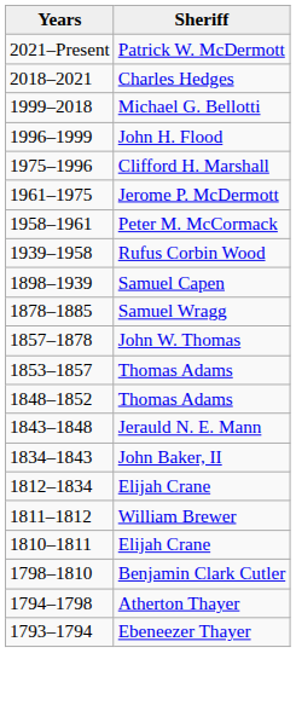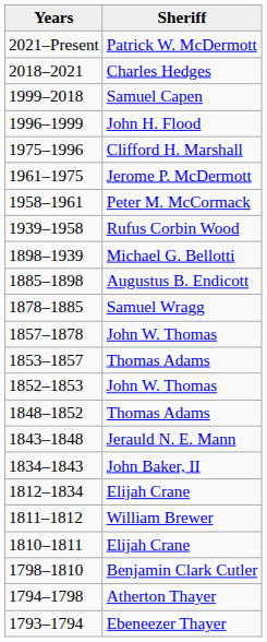 <table class="wikitable" margin-left:1em">
 <tr>
 <th style="background:#efefef;">Years</th>
 <th style="background:#efefef">Sheriff</th>
 </tr>
 <tr>
 <td>2021–Present</td>
 <td><a href='#'>Patrick W. McDermott</a></td>
 </tr>
 <tr>
 <td>2018–2021</td>
 <td><a href='#'>Charles Hedges</a></td>
 </tr>
 <tr>
 <td>1999–2018</td>
-<td><a href='#'>Michael G. Bellotti</a></td>
+<td><a href='#'>Samuel Capen</a></td>
 </tr>
 <tr>
 <td>1996–1999</td>
 <td><a href='#'>John H. Flood</a></td>
 </tr>
 <tr>
 <td>1975–1996</td>
 <td><a href='#'>Clifford H. Marshall</a></td>
 </tr>
 <tr>
 <td>1961–1975</td>
 <td><a href='#'>Jerome P. McDermott</a></td>
 </tr>
 <tr>
 <td>1958–1961</td>
 <td><a href='#'>Peter M. McCormack</a></td>
 </tr>
 <tr>
 <td>1939–1958</td>
 <td><a href='#'>Rufus Corbin Wood</a></td>
 </tr>
 <tr>
 <td>1898–1939</td>
-<td><a href='#'>Samuel Capen</a></td>
+<td><a href='#'>Michael G. Bellotti</a></td>
+</tr>
+<tr>
+<td>1885–1898</td>
+<td><a href='#'>Augustus B. Endicott</a></td>
 </tr>
 <tr>
 <td>1878–1885</td>
 <td><a href='#'>Samuel Wragg</a></td>
 </tr>
 <tr>
 <td>1857–1878</td>
 <td><a href='#'>John W. Thomas</a></td>
 </tr>
 <tr>
 <td>1853–1857</td>
 <td><a href='#'>Thomas Adams</a></td>
+</tr>
+<tr>
+<td>1852–1853</td>
+<td><a href='#'>John W. Thomas</a></td>
 </tr>
 <tr>
 <td>1848–1852</td>
 <td><a href='#'>Thomas Adams</a></td>
 </tr>
 <tr>
 <td>1843–1848</td>
 <td><a href='#'>Jerauld N. E. Mann</a></td>
 </tr>
 <tr>
 <td>1834–1843</td>
 <td><a href='#'>John Baker, II</a></td>
 </tr>
 <tr>
 <td>1812–1834</td>
 <td><a href='#'>Elijah Crane</a></td>
 </tr>
 <tr>
 <td>1811–1812</td>
 <td><a href='#'>William Brewer</a></td>
 </tr>
 <tr>
 <td>1810–1811</td>
 <td><a href='#'>Elijah Crane</a></td>
 </tr>
 <tr>
 <td>1798–1810</td>
 <td><a href='#'>Benjamin Clark Cutler</a></td>
 </tr>
 <tr>
 <td>1794–1798</td>
 <td><a href='#'>Atherton Thayer</a></td>
 </tr>
 <tr>
 <td>1793–1794</td>
 <td><a href='#'>Ebeneezer Thayer</a></td>
 </tr>
 </table>
